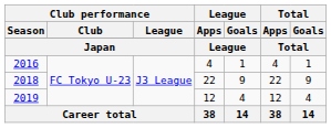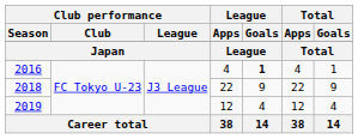 <table class="wikitable" style="text-align:center">
 <tr>
 <th colspan=3>Club performance</th>
 <th colspan=2>League</th>
 <th colspan=2>Total</th>
 </tr>
 <tr>
 <th>Season</th>
 <th>Club</th>
 <th>League</th>
 <th>Apps</th>
 <th>Goals</th>
 <th>Apps</th>
 <th>Goals</th>
 </tr>
 <tr>
 </tr>
 <tr>
 <th colspan=3>Japan</th>
 <th colspan=2>League</th>
 <th colspan=2>Total</th>
 </tr>
 <tr>
 <td><a href='#'>2016</a></td>
 <td rowspan="3"><a href='#'>FC Tokyo U-23</a></td>
 <td rowspan="3"><a href='#'>J3 League</a></td>
 <td>4</td>
-<td>1</td>
+<td><strong>1</strong></td>
 <td>4</td>
 <td>1</td>
 </tr>
 <tr>
 <td><a href='#'>2018</a></td>
 <td>22</td>
 <td>9</td>
 <td>22</td>
 <td>9</td>
 </tr>
 <tr>
 <td><a href='#'>2019</a></td>
 <td>12</td>
 <td>4</td>
 <td>12</td>
 <td>4</td>
 </tr>
 <tr>
 <th colspan=3>Career total</th>
 <th>38</th>
 <th>14</th>
 <th>38</th>
 <th>14</th>
 </tr>
 </table>
